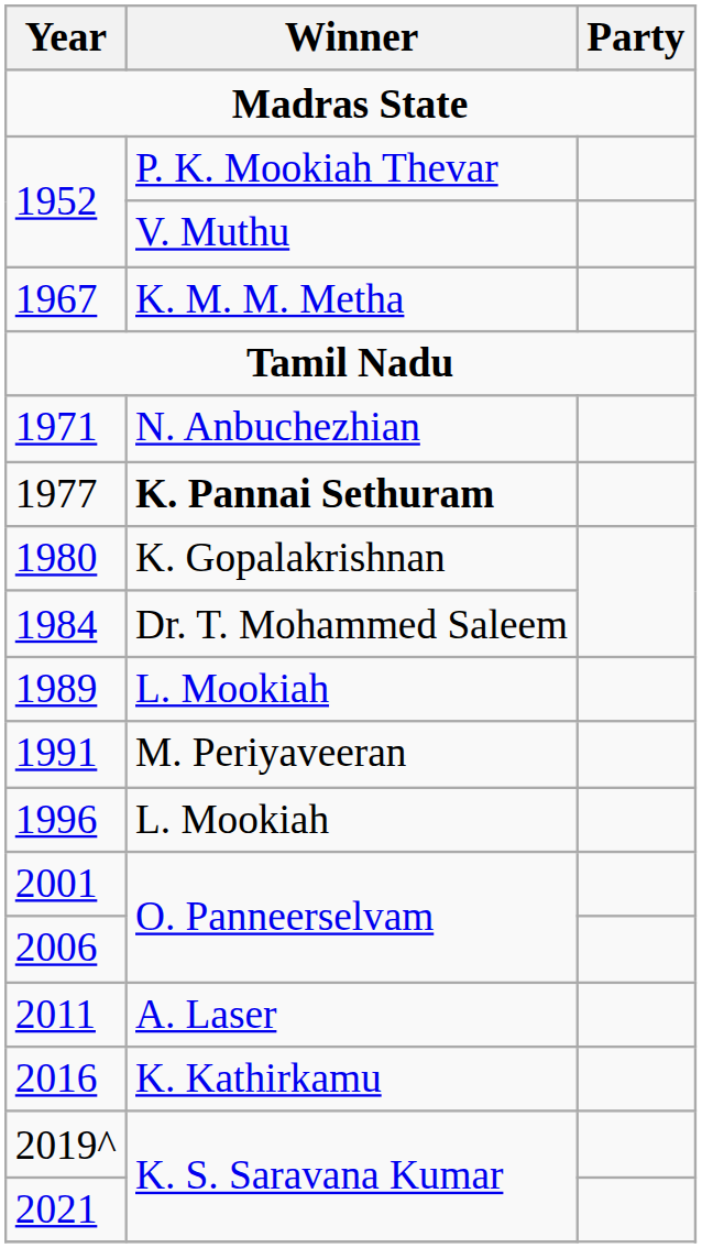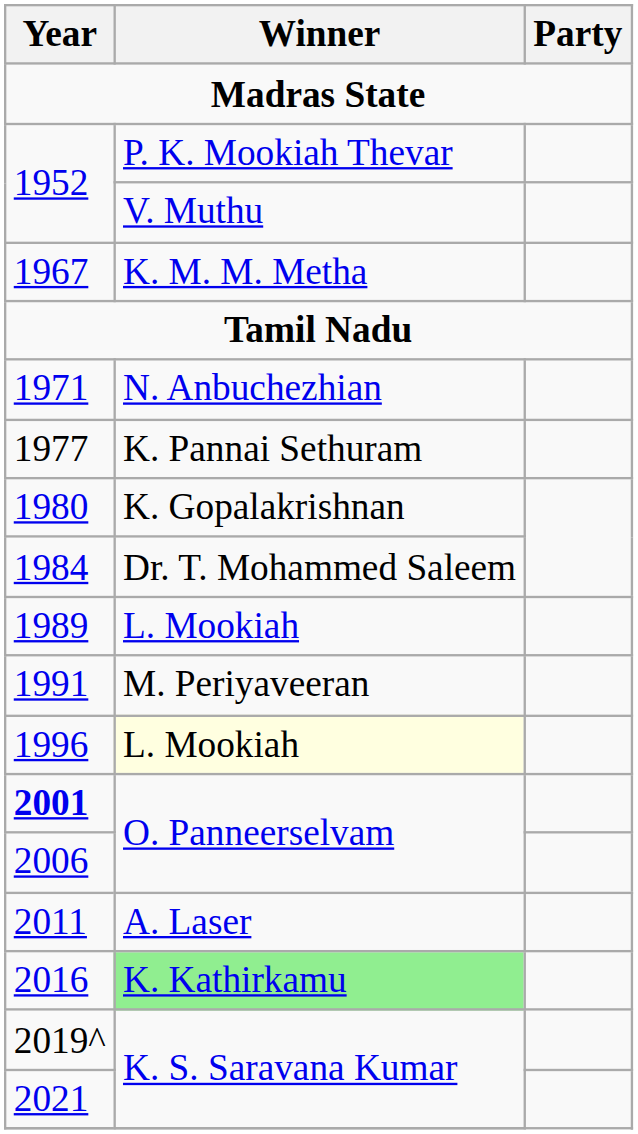 <table class="sortable wikitable">
 <tr>
 <th>Year</th>
 <th>Winner</th>
 <th colspan="2">Party</th>
 </tr>
 <tr>
 <td style="text-align: center;" colspan="4"><strong>Madras State</strong></td>
 </tr>
 <tr>
 <td rowspan=2><a href='#'>1952</a></td>
 <td><a href='#'>P. K. Mookiah Thevar</a></td>
 <td></td>
 </tr>
 <tr>
 <td><a href='#'>V. Muthu</a></td>
 <td></td>
 </tr>
 <tr>
 <td><a href='#'>1967</a></td>
 <td><a href='#'>K. M. M. Metha</a></td>
 <td></td>
 </tr>
 <tr>
 <td style="text-align: center;" colspan="4"><strong>Tamil Nadu</strong></td>
 </tr>
 <tr>
 <td><a href='#'>1971</a></td>
 <td><a href='#'>N. Anbuchezhian</a></td>
 <td></td>
 </tr>
 <tr>
 <td>1977</td>
-<td><strong>K. Pannai Sethuram</strong></td>
+<td>K. Pannai Sethuram</td>
 <td></td>
 </tr>
 <tr>
 <td><a href='#'>1980</a></td>
 <td>K. Gopalakrishnan</td>
 </tr>
 <tr>
 <td><a href='#'>1984</a></td>
 <td>Dr. T. Mohammed Saleem</td>
 </tr>
 <tr>
 <td><a href='#'>1989</a></td>
 <td><a href='#'>L. Mookiah</a></td>
 <td></td>
 </tr>
 <tr>
 <td><a href='#'>1991</a></td>
 <td>M. Periyaveeran</td>
 <td></td>
 </tr>
 <tr>
 <td><a href='#'>1996</a></td>
-<td>L. Mookiah</td>
+<td style="background: lightyellow;">L. Mookiah</td>
 <td></td>
 </tr>
 <tr>
-<td><a href='#'>2001</a></td>
+<td><strong><a href='#'>2001</a></strong></td>
 <td rowspan=2><a href='#'>O. Panneerselvam</a></td>
 <td></td>
 </tr>
 <tr>
 <td><a href='#'>2006</a></td>
 </tr>
 <tr>
 <td><a href='#'>2011</a></td>
 <td><a href='#'>A. Laser</a></td>
 <td></td>
 </tr>
 <tr>
 <td><a href='#'>2016</a></td>
-<td><a href='#'>K. Kathirkamu</a></td>
+<td style="background: lightgreen;"><a href='#'>K. Kathirkamu</a></td>
 <td></td>
 </tr>
 <tr>
 <td>2019^</td>
 <td rowspan=2><a href='#'>K. S. Saravana Kumar</a></td>
 <td></td>
 </tr>
 <tr>
 <td><a href='#'>2021</a></td>
 </tr>
 <tr>
 </tr>
 </table>
